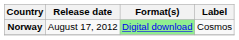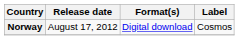 <table class="wikitable plainrowheaders">
 <tr>
 <th scope="col">Country</th>
 <th scope="col">Release date</th>
 <th scope="col">Format(s)</th>
 <th scope="col">Label</th>
 </tr>
 <tr>
 <th scope="row">Norway</th>
 <td>August 17, 2012</td>
-<td style="background: lightgreen;"><a href='#'>Digital download</a></td>
+<td><a href='#'>Digital download</a></td>
 <td>Cosmos</td>
 </tr>
 <tr>
 </tr>
 </table>
